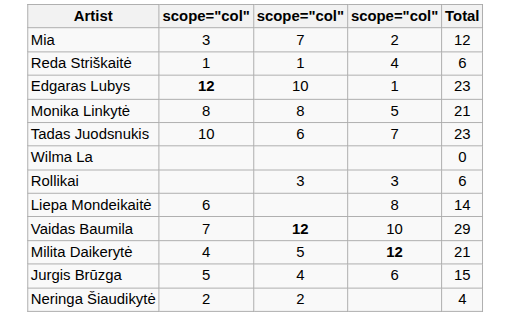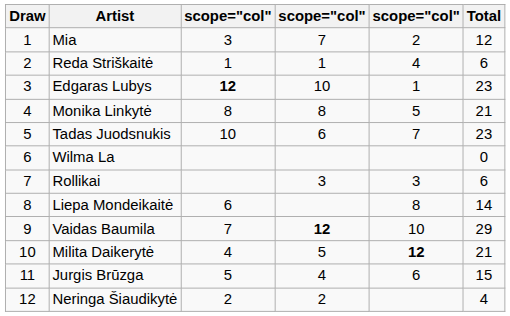 <table class="wikitable collapsible" style="margin: 1em auto 1em auto; text-align:center;">
 <tr>
+<th>Draw</th>
 <th>Artist</th>
 <th>scope="col" </th>
 <th>scope="col" </th>
 <th>scope="col" </th>
 <th>Total</th>
 </tr>
 <tr>
+<td>1</td>
 <td align="left">Mia</td>
 <td>3</td>
 <td>7</td>
 <td>2</td>
 <td>12</td>
 </tr>
 <tr>
+<td>2</td>
 <td align="left">Reda Striškaitė</td>
 <td>1</td>
 <td>1</td>
 <td>4</td>
 <td>6</td>
 </tr>
 <tr>
+<td>3</td>
 <td align="left">Edgaras Lubys</td>
 <td><strong>12</strong></td>
 <td>10</td>
 <td>1</td>
 <td>23</td>
 </tr>
 <tr>
+<td>4</td>
 <td align="left">Monika Linkytė</td>
 <td>8</td>
 <td>8</td>
 <td>5</td>
 <td>21</td>
 </tr>
 <tr>
+<td>5</td>
 <td align="left">Tadas Juodsnukis</td>
 <td>10</td>
 <td>6</td>
 <td>7</td>
 <td>23</td>
 </tr>
 <tr>
+<td>6</td>
 <td align="left">Wilma La</td>
 <td></td>
 <td></td>
 <td></td>
 <td>0</td>
 </tr>
 <tr>
+<td>7</td>
 <td align="left">Rollikai</td>
 <td></td>
 <td>3</td>
 <td>3</td>
 <td>6</td>
 </tr>
 <tr>
+<td>8</td>
 <td align="left">Liepa Mondeikaitė</td>
 <td>6</td>
 <td></td>
 <td>8</td>
 <td>14</td>
 </tr>
 <tr>
+<td>9</td>
 <td align="left">Vaidas Baumila</td>
 <td>7</td>
 <td><strong>12</strong></td>
 <td>10</td>
 <td>29</td>
 </tr>
 <tr>
+<td>10</td>
 <td align="left">Milita Daikerytė</td>
 <td>4</td>
 <td>5</td>
 <td><strong>12</strong></td>
 <td>21</td>
 </tr>
 <tr>
+<td>11</td>
 <td align="left">Jurgis Brūzga</td>
 <td>5</td>
 <td>4</td>
 <td>6</td>
 <td>15</td>
 </tr>
 <tr>
+<td>12</td>
 <td align="left">Neringa Šiaudikytė</td>
 <td>2</td>
 <td>2</td>
 <td></td>
 <td>4</td>
 </tr>
 </table>
